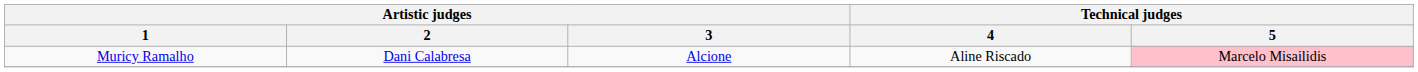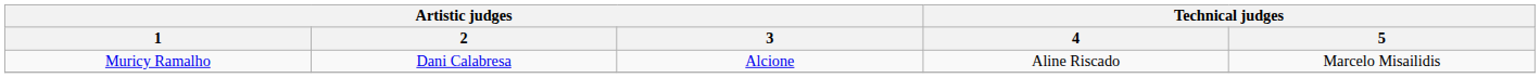 <table class="wikitable" style="font-size:100%; line-height:16px; text-align:center" width="100%">
 <tr>
 <th colspan=3>Artistic judges</th>
 <th colspan=2>Technical judges</th>
 </tr>
 <tr>
 <th width="20.0%">1</th>
 <th width="20.0%">2</th>
 <th width="20.0%">3</th>
 <th width="20.0%">4</th>
 <th width="20.0%">5</th>
 </tr>
 <tr>
 <td><a href='#'>Muricy Ramalho</a></td>
 <td><a href='#'>Dani Calabresa</a></td>
 <td><a href='#'>Alcione</a></td>
 <td>Aline Riscado</td>
-<td style="background: pink;">Marcelo Misailidis</td>
+<td>Marcelo Misailidis</td>
 </tr>
 <tr>
 </tr>
 </table>
